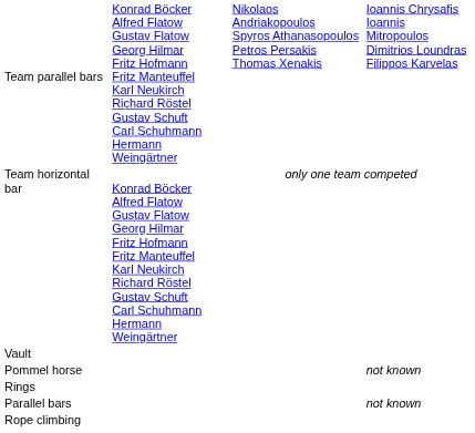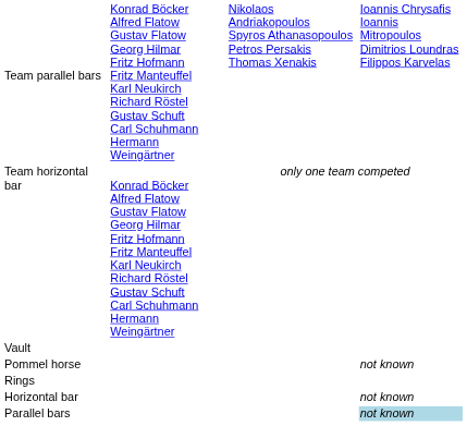 <table>
 <tr>
 <td>Team parallel bars<br></td>
 <td valign=top><br><a href='#'>Konrad Böcker</a><br><a href='#'>Alfred Flatow</a><br><a href='#'>Gustav Flatow</a><br><a href='#'>Georg Hilmar</a><br><a href='#'>Fritz Hofmann</a><br><a href='#'>Fritz Manteuffel</a><br><a href='#'>Karl Neukirch</a><br><a href='#'>Richard Röstel</a><br><a href='#'>Gustav Schuft</a><br><a href='#'>Carl Schuhmann</a><br><a href='#'>Hermann Weingärtner</a></td>
 <td valign=top><br><a href='#'>Nikolaos Andriakopoulos</a><br><a href='#'>Spyros Athanasopoulos</a><br><a href='#'>Petros Persakis</a><br><a href='#'>Thomas Xenakis</a></td>
 <td valign=top><br><a href='#'>Ioannis Chrysafis</a><br><a href='#'>Ioannis Mitropoulos</a><br><a href='#'>Dimitrios Loundras</a><br><a href='#'>Filippos Karvelas</a></td>
 </tr>
 <tr valign="top">
 <td>Team horizontal bar<br></td>
 <td valign=top><br><a href='#'>Konrad Böcker</a><br><a href='#'>Alfred Flatow</a><br><a href='#'>Gustav Flatow</a><br><a href='#'>Georg Hilmar</a><br><a href='#'>Fritz Hofmann</a><br><a href='#'>Fritz Manteuffel</a><br><a href='#'>Karl Neukirch</a><br><a href='#'>Richard Röstel</a><br><a href='#'>Gustav Schuft</a><br><a href='#'>Carl Schuhmann</a><br><a href='#'>Hermann Weingärtner</a></td>
 <td colspan=2 align=center><em>only one team competed</em></td>
 </tr>
 <tr>
 <td>Vault<br></td>
 <td></td>
 <td></td>
 <td></td>
 </tr>
 <tr valign="top">
 <td>Pommel horse<br></td>
 <td></td>
 <td></td>
 <td><em>not known</em></td>
 </tr>
 <tr>
 <td>Rings<br></td>
 <td></td>
 <td></td>
 <td></td>
 </tr>
 <tr>
-<td>Parallel bars<br></td>
+<td>Horizontal bar<br></td>
 <td></td>
 <td></td>
 <td><em>not known</em></td>
 </tr>
 <tr>
-<td>Rope climbing<br></td>
+<td>Parallel bars<br></td>
 <td></td>
 <td></td>
-<td></td>
+<td style="background: lightblue;"><em>not known</em></td>
 </tr>
 </table>
